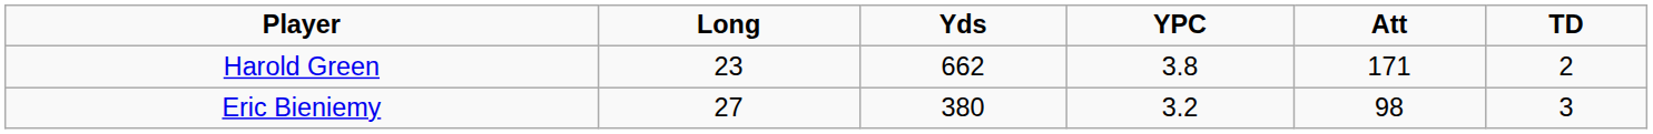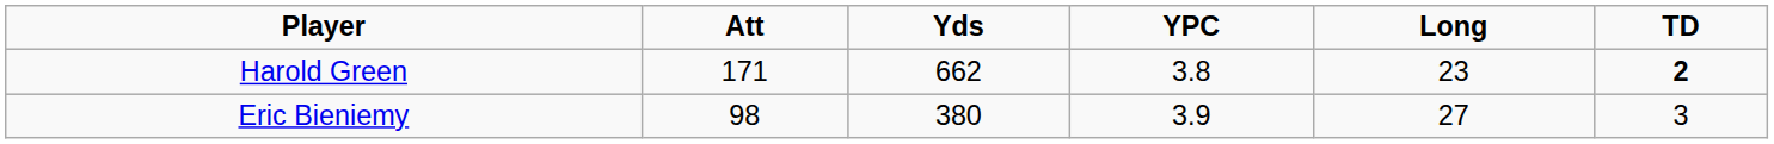 <table class="wikitable" width="80%">
 <tr align="center">
 <td><strong>Player</strong></td>
-<td><strong>Long</strong></td>
+<td><strong>Att</strong></td>
 <td><strong>Yds</strong></td>
 <td><strong>YPC</strong></td>
-<td><strong>Att</strong></td>
+<td><strong>Long</strong></td>
 <td><strong>TD</strong></td>
 </tr>
 <tr align="center" bgcolor="">
 <td><a href='#'>Harold Green</a></td>
-<td>23</td>
+<td>171</td>
 <td>662</td>
 <td>3.8</td>
-<td>171</td>
-<td>2</td>
+<td>23</td>
+<td><strong>2</strong></td>
 </tr>
 <tr align="center" bgcolor="">
 <td><a href='#'>Eric Bieniemy</a></td>
+<td>98</td>
+<td>380</td>
+<td>3.9</td>
 <td>27</td>
-<td>380</td>
-<td>3.2</td>
-<td>98</td>
 <td>3</td>
 </tr>
 </table>
